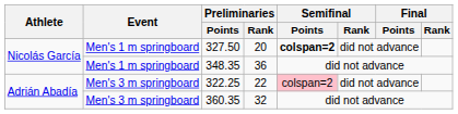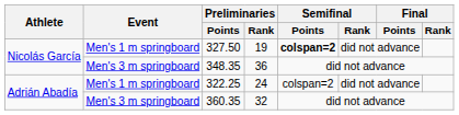 <table class=wikitable style="font-size:90%;">
 <tr>
 <th rowspan="2">Athlete</th>
 <th rowspan="2">Event</th>
 <th colspan="2">Preliminaries</th>
 <th colspan="2">Semifinal</th>
 <th colspan="2">Final</th>
 </tr>
 <tr style="font-size:95%">
 <th>Points</th>
 <th>Rank</th>
 <th>Points</th>
 <th>Rank</th>
 <th>Points</th>
 <th>Rank</th>
 </tr>
 <tr align=center>
 <td align=left rowspan="2"><a href='#'>Nicolás García</a></td>
 <td><a href='#'>Men's 1 m springboard</a></td>
 <td>327.50</td>
-<td>20</td>
+<td>19</td>
 <td><strong>colspan=2 </strong></td>
 <td colspan=2>did not advance</td>
 </tr>
 <tr align=center>
-<td><a href='#'>Men's 1 m springboard</a></td>
+<td><a href='#'>Men's 3 m springboard</a></td>
 <td>348.35</td>
 <td>36</td>
 <td colspan="4">did not advance</td>
 </tr>
 <tr align=center>
 <td align=left rowspan="2"><a href='#'>Adrián Abadía</a></td>
-<td><a href='#'>Men's 3 m springboard</a></td>
+<td><a href='#'>Men's 1 m springboard</a></td>
 <td>322.25</td>
-<td>22</td>
-<td style="background: pink;">colspan=2 </td>
+<td>24</td>
+<td>colspan=2 </td>
 <td colspan="2">did not advance</td>
 </tr>
 <tr align=center>
 <td><a href='#'>Men's 3 m springboard</a></td>
 <td>360.35</td>
 <td>32</td>
 <td colspan="4">did not advance</td>
 </tr>
 </table>
